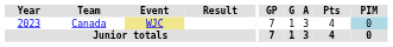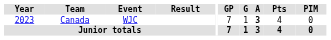 <table border="0" cellpadding="1" cellspacing="0" ID="Table3" style="text-align:center; width:40em;">
 <tr bgcolor="#e0e0e0">
 <th>Year</th>
 <th>Team</th>
 <th>Event</th>
 <th>Result</th>
 <th rowspan="99" bgcolor="#ffffff"></th>
 <th>GP</th>
 <th>G</th>
 <th>A</th>
 <th>Pts</th>
 <th>PIM</th>
 </tr>
 <tr>
 <td><a href='#'>2023</a></td>
 <td><a href='#'>Canada</a></td>
-<td style="background: khaki;"><a href='#'>WJC</a></td>
+<td><a href='#'>WJC</a></td>
 <td></td>
 <td>7</td>
 <td>1</td>
-<td>3</td>
+<td><strong>3</strong></td>
 <td>4</td>
-<td style="background: lightblue;">0</td>
+<td>0</td>
 </tr>
 <tr bgcolor="#e0e0e0">
 <th colspan="4">Junior totals</th>
 <th>7</th>
 <th>1</th>
 <th>3</th>
 <th>4</th>
 <th>0</th>
 </tr>
 </table>
